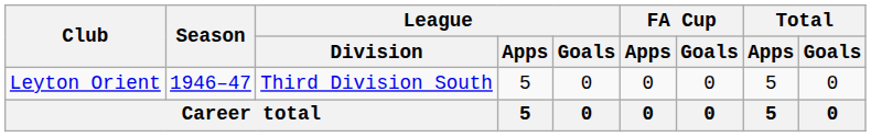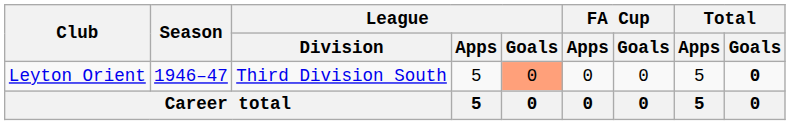 <table class="wikitable" style="text-align:center">
 <tr>
 <th rowspan="2">Club</th>
 <th rowspan="2">Season</th>
 <th colspan="3">League</th>
 <th colspan="2">FA Cup</th>
 <th colspan="2">Total</th>
 </tr>
 <tr>
 <th>Division</th>
 <th>Apps</th>
 <th>Goals</th>
 <th>Apps</th>
 <th>Goals</th>
 <th>Apps</th>
 <th>Goals</th>
 </tr>
 <tr>
 <td><a href='#'>Leyton Orient</a></td>
 <td><a href='#'>1946–47</a></td>
 <td><a href='#'>Third Division South</a></td>
 <td>5</td>
-<td>0</td>
+<td style="background: lightsalmon;">0</td>
 <td>0</td>
 <td>0</td>
 <td>5</td>
-<td>0</td>
+<td><strong>0</strong></td>
 </tr>
 <tr>
 <th colspan="3">Career total</th>
 <th>5</th>
 <th>0</th>
 <th>0</th>
 <th>0</th>
 <th>5</th>
 <th>0</th>
 </tr>
 </table>
